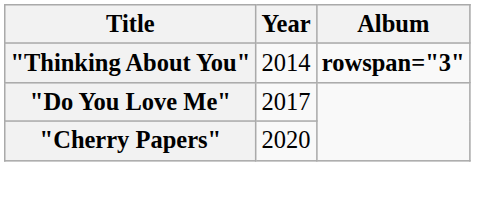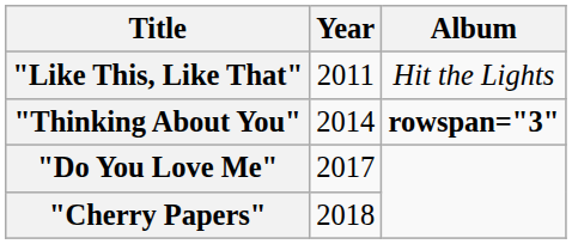 <table class="wikitable plainrowheaders" style="text-align:center;">
 <tr>
 <th scope="col">Title</th>
 <th scope="col">Year</th>
 <th scope="col">Album</th>
+</tr>
+<tr>
+<th scope="row">"Like This, Like That"<br></th>
+<td>2011</td>
+<td><em>Hit the Lights</em></td>
 </tr>
 <tr>
 <th scope="row">"Thinking About You"</th>
 <td>2014</td>
 <td><strong>rowspan="3" </strong></td>
 </tr>
 <tr>
 <th scope="row">"Do You Love Me"</th>
 <td>2017</td>
 </tr>
 <tr>
 <th scope="row">"Cherry Papers"</th>
-<td>2020</td>
+<td>2018</td>
 </tr>
 </table>
